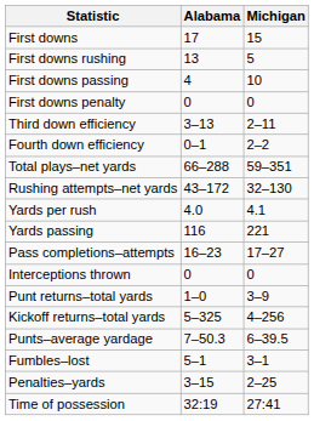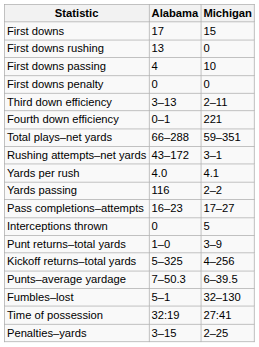 <table class="wikitable">
 <tr>
 <th>Statistic</th>
 <th><strong>Alabama</strong></th>
 <th><strong>Michigan</strong></th>
 </tr>
 <tr>
 <td>First downs</td>
 <td>17</td>
 <td>15</td>
 </tr>
 <tr>
 <td>First downs rushing</td>
 <td>13</td>
-<td>5</td>
+<td>0</td>
 </tr>
 <tr>
 <td>First downs passing</td>
 <td>4</td>
 <td>10</td>
 </tr>
 <tr>
 <td>First downs penalty</td>
 <td>0</td>
 <td>0</td>
 </tr>
 <tr>
 <td>Third down efficiency</td>
 <td>3–13</td>
 <td>2–11</td>
 </tr>
 <tr>
 <td>Fourth down efficiency</td>
 <td>0–1</td>
-<td>2–2</td>
+<td>221</td>
 </tr>
 <tr>
 <td>Total plays–net yards</td>
 <td>66–288</td>
 <td>59–351</td>
 </tr>
 <tr>
 <td>Rushing attempts–net yards</td>
 <td>43–172</td>
-<td>32–130</td>
+<td>3–1</td>
 </tr>
 <tr>
 <td>Yards per rush</td>
 <td>4.0</td>
 <td>4.1</td>
 </tr>
 <tr>
 <td>Yards passing</td>
 <td>116</td>
-<td>221</td>
+<td>2–2</td>
 </tr>
 <tr>
 <td>Pass completions–attempts</td>
 <td>16–23</td>
 <td>17–27</td>
 </tr>
 <tr>
 <td>Interceptions thrown</td>
 <td>0</td>
-<td>0</td>
+<td>5</td>
 </tr>
 <tr>
 <td>Punt returns–total yards</td>
 <td>1–0</td>
 <td>3–9</td>
 </tr>
 <tr>
 <td>Kickoff returns–total yards</td>
 <td>5–325</td>
 <td>4–256</td>
 </tr>
 <tr>
 <td>Punts–average yardage</td>
 <td>7–50.3</td>
 <td>6–39.5</td>
 </tr>
 <tr>
 <td>Fumbles–lost</td>
 <td>5–1</td>
-<td>3–1</td>
+<td>32–130</td>
+</tr>
+<tr>
+<td>Time of possession</td>
+<td>32:19</td>
+<td>27:41</td>
 </tr>
 <tr>
 <td>Penalties–yards</td>
 <td>3–15</td>
 <td>2–25</td>
 </tr>
-<tr>
-<td>Time of possession</td>
-<td>32:19</td>
-<td>27:41</td>
-</tr>
 </table>
